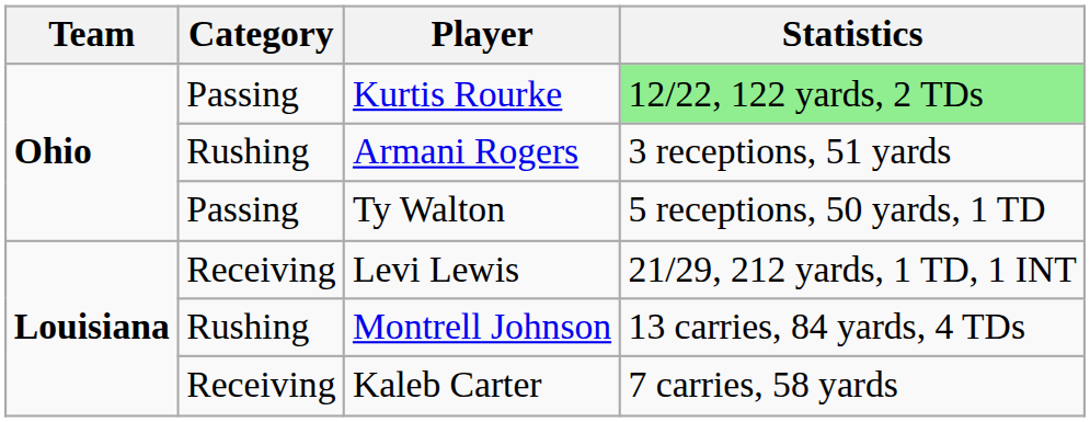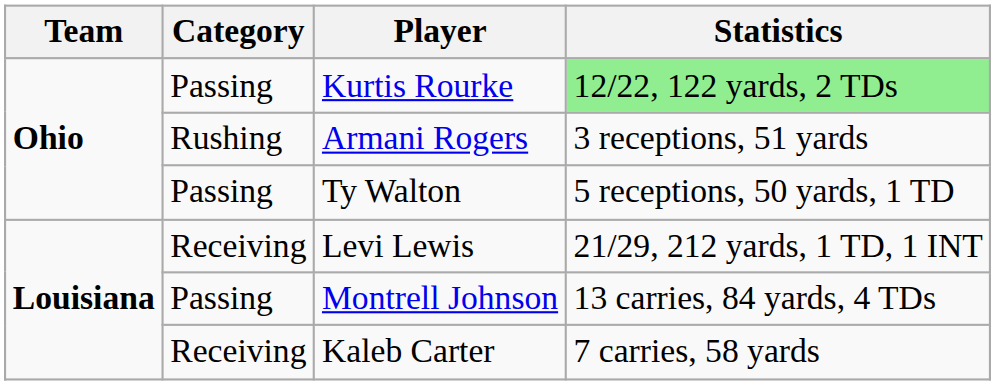 <table class="wikitable" style="float: left;">
 <tr>
 <th>Team</th>
 <th>Category</th>
 <th>Player</th>
 <th>Statistics</th>
 </tr>
 <tr>
 <td rowspan=3><strong>Ohio</strong></td>
 <td>Passing</td>
 <td><a href='#'>Kurtis Rourke</a></td>
 <td style="background: lightgreen;">12/22, 122 yards, 2 TDs</td>
 </tr>
 <tr>
 <td>Rushing</td>
 <td><a href='#'>Armani Rogers</a></td>
 <td>3 receptions, 51 yards</td>
 </tr>
 <tr>
 <td>Passing</td>
 <td>Ty Walton</td>
 <td>5 receptions, 50 yards, 1 TD</td>
 </tr>
 <tr>
 <td rowspan=3><strong>Louisiana</strong></td>
 <td>Receiving</td>
 <td>Levi Lewis</td>
 <td>21/29, 212 yards, 1 TD, 1 INT</td>
 </tr>
 <tr>
-<td>Rushing</td>
+<td>Passing</td>
 <td><a href='#'>Montrell Johnson</a></td>
 <td>13 carries, 84 yards, 4 TDs</td>
 </tr>
 <tr>
 <td>Receiving</td>
 <td>Kaleb Carter</td>
 <td>7 carries, 58 yards</td>
 </tr>
 </table>
